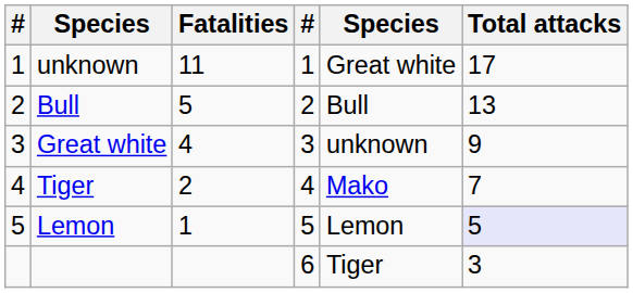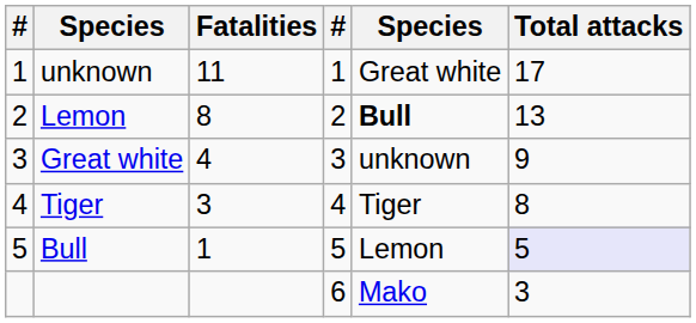 <table class="wikitable">
 <tr>
 <th>#</th>
 <th>Species</th>
 <th>Fatalities</th>
 <th>#</th>
 <th>Species</th>
 <th>Total attacks</th>
 </tr>
 <tr>
 <td>1</td>
 <td>unknown</td>
 <td>11</td>
 <td>1</td>
 <td>Great white</td>
 <td>17</td>
 </tr>
 <tr>
 <td>2</td>
-<td><a href='#'>Bull</a></td>
-<td>5</td>
+<td><a href='#'>Lemon</a></td>
+<td>8</td>
 <td>2</td>
-<td>Bull</td>
+<td><strong>Bull</strong></td>
 <td>13</td>
 </tr>
 <tr>
 <td>3</td>
 <td><a href='#'>Great white</a></td>
 <td>4</td>
 <td>3</td>
 <td>unknown</td>
 <td>9</td>
 </tr>
 <tr>
 <td>4</td>
 <td><a href='#'>Tiger</a></td>
-<td>2</td>
+<td>3</td>
 <td>4</td>
-<td><a href='#'>Mako</a></td>
-<td>7</td>
+<td>Tiger</td>
+<td>8</td>
 </tr>
 <tr>
 <td>5</td>
-<td><a href='#'>Lemon</a></td>
+<td><a href='#'>Bull</a></td>
 <td>1</td>
 <td>5</td>
 <td>Lemon</td>
 <td style="background: lavender;">5</td>
 </tr>
 <tr>
 <td></td>
 <td></td>
 <td></td>
 <td>6</td>
-<td>Tiger</td>
+<td><a href='#'>Mako</a></td>
 <td>3</td>
 </tr>
 </table>
